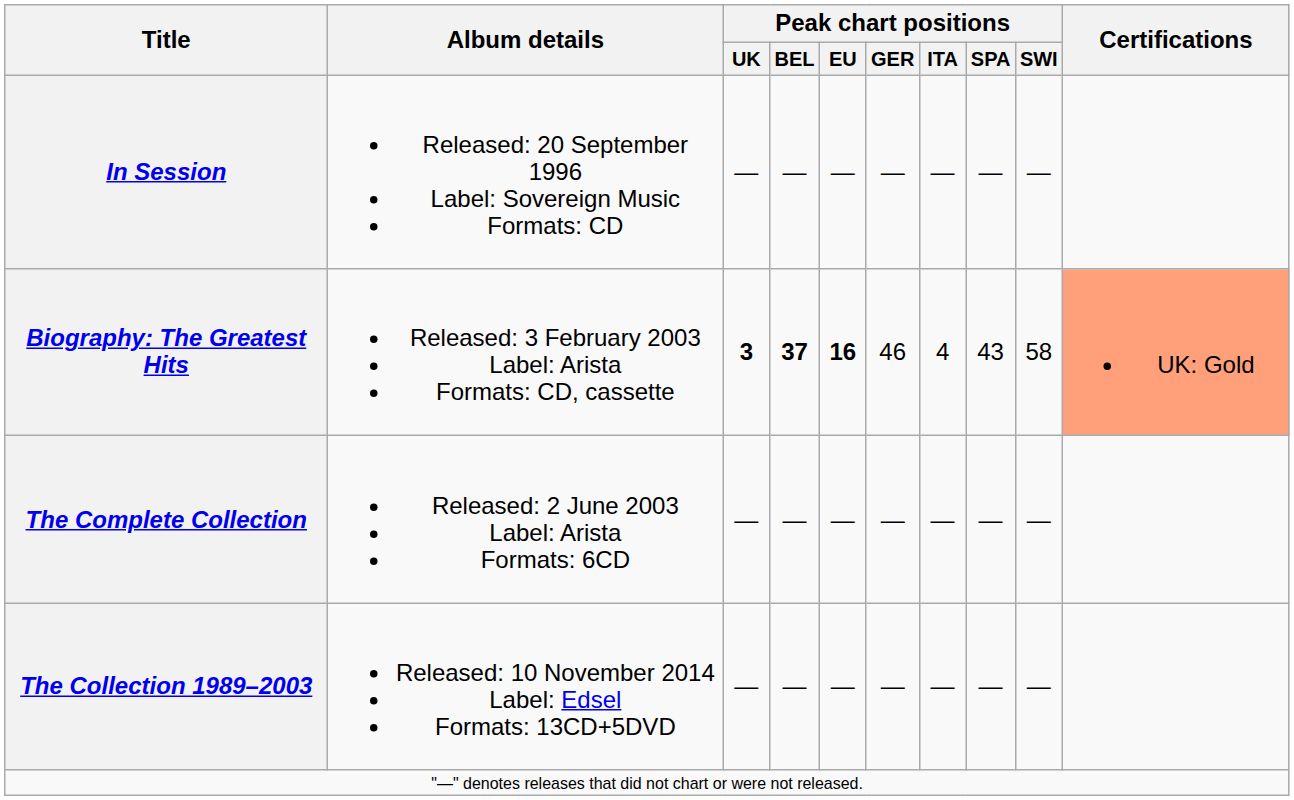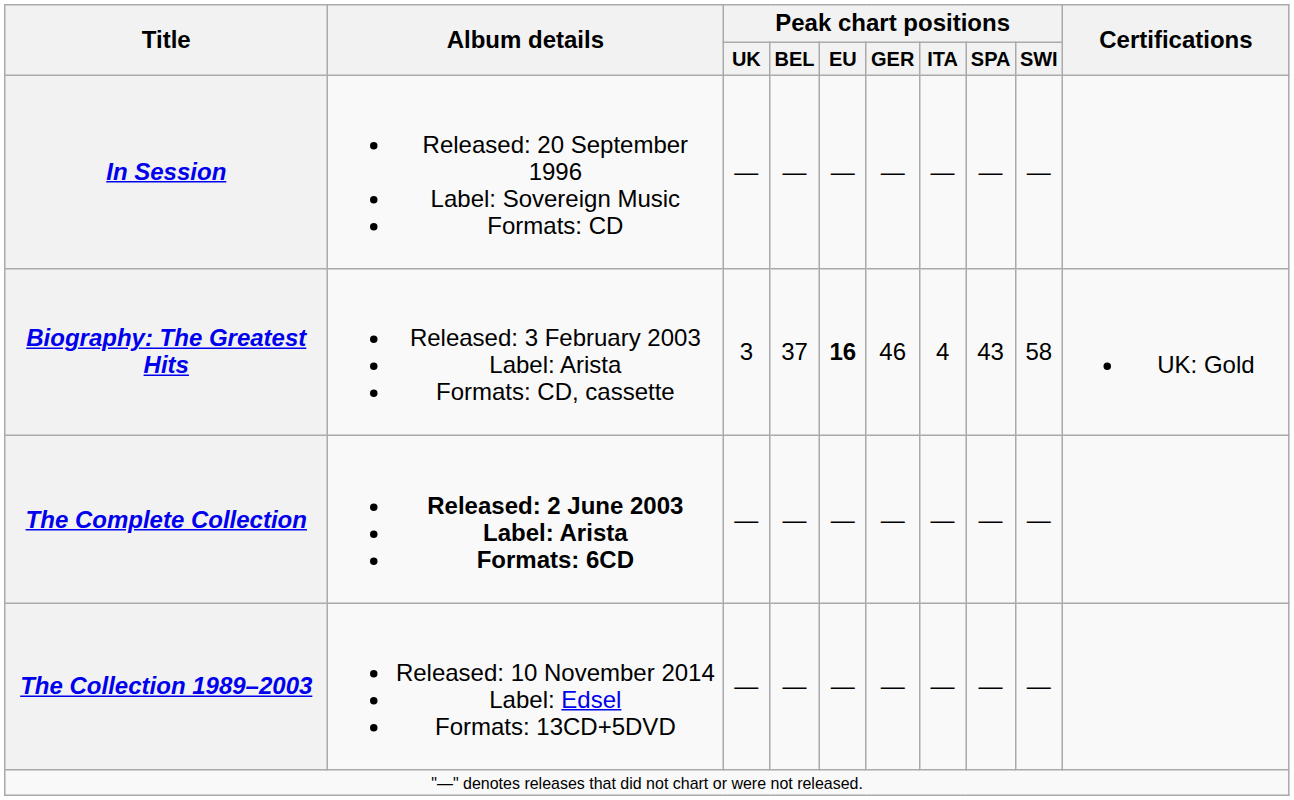 <table class="wikitable plainrowheaders" style="text-align:center;" border="1">
 <tr>
 <th rowspan="2" style="width:13em;">Title</th>
 <th rowspan="2" style="width:16em;">Album details</th>
 <th colspan="7">Peak chart positions</th>
 <th rowspan="2" style="width:9em;">Certifications</th>
 </tr>
 <tr style="font-size:smaller;">
 <th width="25">UK<br></th>
 <th width="25">BEL<br></th>
 <th width="25">EU<br></th>
 <th width="25">GER<br></th>
 <th width="25">ITA<br></th>
 <th width="25">SPA<br></th>
 <th width="25">SWI<br></th>
 </tr>
 <tr>
 <th scope="row"><em><a href='#'>In Session</a></em></th>
 <td><br><ul><li>Released: 20 September 1996</li><li>Label: Sovereign Music</li><li>Formats: CD</li></ul></td>
 <td>—</td>
 <td>—</td>
 <td>—</td>
 <td>—</td>
 <td>—</td>
 <td>—</td>
 <td>—</td>
 <td></td>
 </tr>
 <tr>
 <th scope="row"><em><a href='#'>Biography: The Greatest Hits</a></em></th>
 <td><br><ul><li>Released: 3 February 2003</li><li>Label: Arista</li><li>Formats: CD, cassette</li></ul></td>
-<td><strong>3</strong></td>
-<td><strong>37</strong></td>
+<td>3</td>
+<td>37</td>
 <td><strong>16</strong></td>
 <td>46</td>
 <td>4</td>
 <td>43</td>
 <td>58</td>
-<td style="background: lightsalmon;"><br><ul><li>UK: Gold</li></ul></td>
+<td><br><ul><li>UK: Gold</li></ul></td>
 </tr>
 <tr>
 <th scope="row"><em><a href='#'>The Complete Collection</a></em></th>
-<td><br><ul><li>Released: 2 June 2003</li><li>Label: Arista</li><li>Formats: 6CD</li></ul></td>
+<td><strong><br><ul><li>Released: 2 June 2003</li><li>Label: Arista</li><li>Formats: 6CD</li></ul></strong></td>
 <td>—</td>
 <td>—</td>
 <td>—</td>
 <td>—</td>
 <td>—</td>
 <td>—</td>
 <td>—</td>
 <td></td>
 </tr>
 <tr>
 <th scope="row"><em><a href='#'>The Collection 1989–2003</a></em></th>
 <td><br><ul><li>Released: 10 November 2014</li><li>Label: <a href='#'>Edsel</a></li><li>Formats: 13CD+5DVD</li></ul></td>
 <td>—</td>
 <td>—</td>
 <td>—</td>
 <td>—</td>
 <td>—</td>
 <td>—</td>
 <td>—</td>
 <td></td>
 </tr>
 <tr>
 <td colspan="14" style="font-size:8pt">"—" denotes releases that did not chart or were not released.</td>
 </tr>
 </table>
